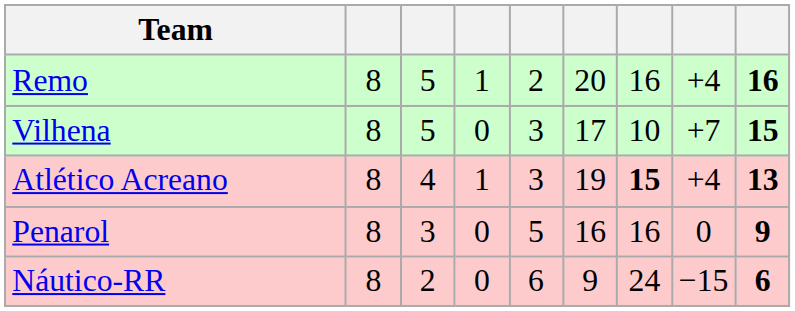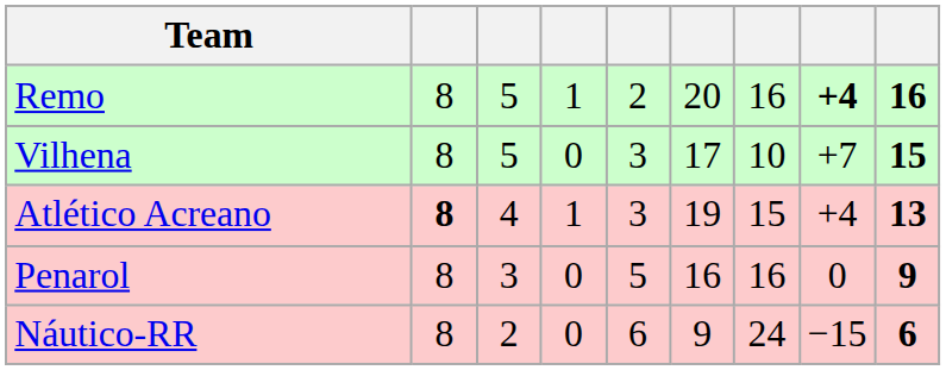 <table class="wikitable" style="text-align: center;">
 <tr>
 <th width=165>Team</th>
 <th width=20></th>
 <th width=20></th>
 <th width=20></th>
 <th width=20></th>
 <th width=20></th>
 <th width=20></th>
 <th width=20></th>
 <th width=20></th>
 </tr>
 <tr bgcolor=#ccffcc>
 <td align=left> <a href='#'>Remo</a></td>
 <td>8</td>
 <td>5</td>
 <td>1</td>
 <td>2</td>
 <td>20</td>
 <td>16</td>
-<td>+4</td>
+<td><strong>+4</strong></td>
 <td><strong>16</strong></td>
 </tr>
 <tr bgcolor=#ccffcc>
 <td align=left> <a href='#'>Vilhena</a></td>
 <td>8</td>
 <td>5</td>
 <td>0</td>
 <td>3</td>
 <td>17</td>
 <td>10</td>
 <td>+7</td>
 <td><strong>15</strong></td>
 </tr>
 <tr bgcolor=#FDCBCC>
 <td align=left> <a href='#'>Atlético Acreano</a></td>
-<td>8</td>
+<td><strong>8</strong></td>
 <td>4</td>
 <td>1</td>
 <td>3</td>
 <td>19</td>
-<td><strong>15</strong></td>
+<td>15</td>
 <td>+4</td>
 <td><strong>13</strong></td>
 </tr>
 <tr bgcolor=#FDCBCC>
 <td align=left> <a href='#'>Penarol</a></td>
 <td>8</td>
 <td>3</td>
 <td>0</td>
 <td>5</td>
 <td>16</td>
 <td>16</td>
 <td>0</td>
 <td><strong>9</strong></td>
 </tr>
 <tr bgcolor=#FDCBCC>
 <td align=left> <a href='#'>Náutico-RR</a></td>
 <td>8</td>
 <td>2</td>
 <td>0</td>
 <td>6</td>
 <td>9</td>
 <td>24</td>
 <td>−15</td>
 <td><strong>6</strong></td>
 </tr>
 </table>
